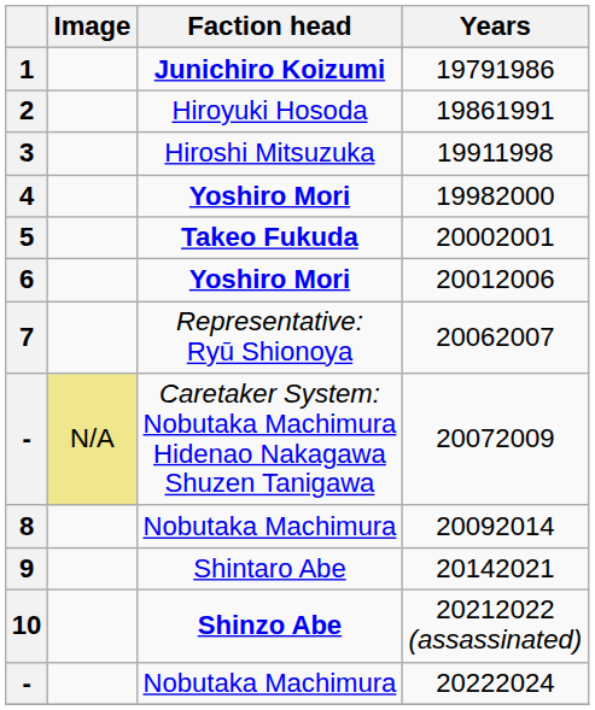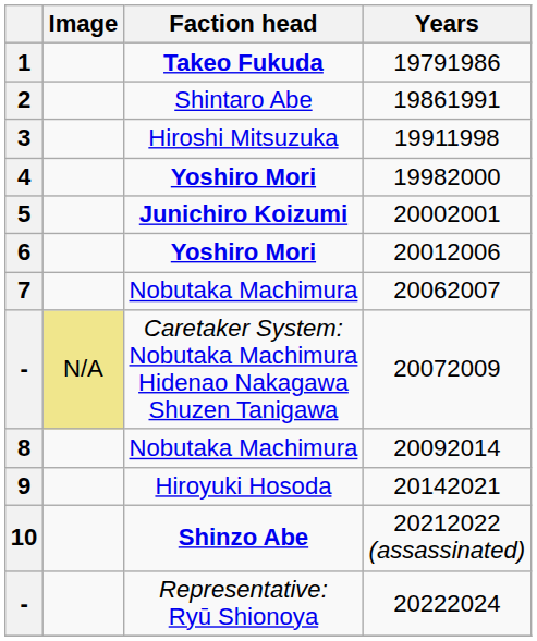 <table class="wikitable" style="text-align:center">
 <tr>
 <th></th>
 <th>Image</th>
 <th>Faction head</th>
 <th>Years</th>
 </tr>
 <tr>
 <th><strong>1</strong></th>
 <td></td>
-<td><strong><a href='#'>Junichiro Koizumi</a></strong></td>
+<td><strong><a href='#'>Takeo Fukuda</a></strong></td>
 <td>19791986</td>
 </tr>
 <tr>
 <th><strong>2</strong></th>
 <td></td>
-<td><a href='#'>Hiroyuki Hosoda</a></td>
+<td><a href='#'>Shintaro Abe</a></td>
 <td>19861991</td>
 </tr>
 <tr>
 <th><strong>3</strong></th>
 <td></td>
 <td><a href='#'>Hiroshi Mitsuzuka</a></td>
 <td>19911998</td>
 </tr>
 <tr>
 <th><strong>4</strong></th>
 <td></td>
 <td><strong><a href='#'>Yoshiro Mori</a></strong></td>
 <td>19982000</td>
 </tr>
 <tr>
 <th><strong>5</strong></th>
 <td></td>
-<td><strong><a href='#'>Takeo Fukuda</a></strong></td>
+<td><strong><a href='#'>Junichiro Koizumi</a></strong></td>
 <td>20002001</td>
 </tr>
 <tr>
 <th><strong>6</strong></th>
 <td></td>
 <td><strong><a href='#'>Yoshiro Mori</a></strong></td>
 <td>20012006</td>
 </tr>
 <tr>
 <th><strong>7</strong></th>
 <td></td>
-<td><em>Representative:</em><br><a href='#'>Ryū Shionoya</a></td>
+<td><a href='#'>Nobutaka Machimura</a></td>
 <td>20062007</td>
 </tr>
 <tr>
 <th><strong>-</strong></th>
 <td style="background: khaki;">N/A</td>
 <td><em>Caretaker System:</em><br><a href='#'>Nobutaka Machimura</a><br><a href='#'>Hidenao Nakagawa</a><br><a href='#'>Shuzen Tanigawa</a></td>
 <td>20072009</td>
 </tr>
 <tr>
 <th><strong>8</strong></th>
 <td></td>
 <td><a href='#'>Nobutaka Machimura</a></td>
 <td>20092014</td>
 </tr>
 <tr>
 <th><strong>9</strong></th>
 <td></td>
-<td><a href='#'>Shintaro Abe</a></td>
+<td><a href='#'>Hiroyuki Hosoda</a></td>
 <td>20142021</td>
 </tr>
 <tr>
 <th><strong>10</strong></th>
 <td></td>
 <td><strong><a href='#'>Shinzo Abe</a></strong></td>
 <td>20212022<br><em>(assassinated)</em></td>
 </tr>
 <tr>
 <th><strong>-</strong></th>
 <td></td>
-<td><a href='#'>Nobutaka Machimura</a></td>
+<td><em>Representative:</em><br><a href='#'>Ryū Shionoya</a></td>
 <td>20222024</td>
 </tr>
 <tr>
 </tr>
 </table>
